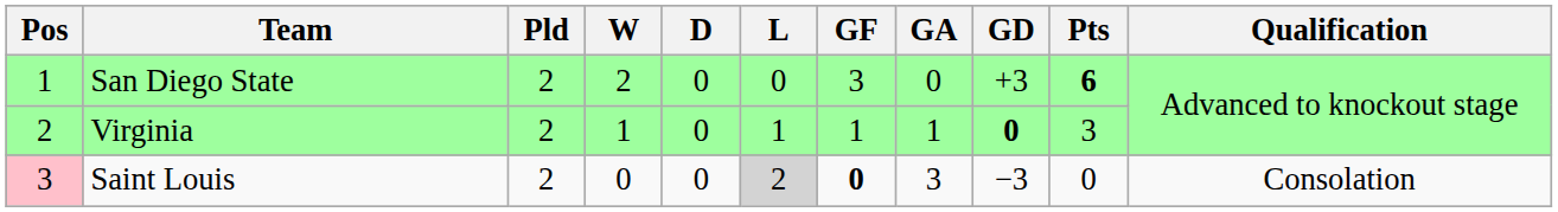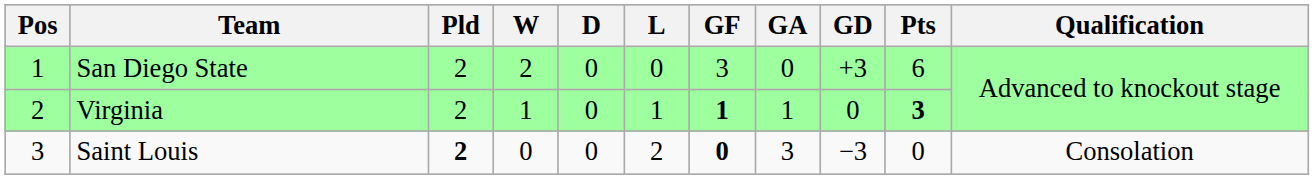 <table class="wikitable" style="text-align:center; margin: 1em auto">
 <tr>
 <th style="width:2em">Pos</th>
 <th style="width:13em">Team</th>
 <th style="width:2em">Pld</th>
 <th style="width:2em">W</th>
 <th style="width:2em">D</th>
 <th style="width:2em">L</th>
 <th style="width:2em">GF</th>
 <th style="width:2em">GA</th>
 <th style="width:2em">GD</th>
 <th style="width:2em">Pts</th>
 <th style="width:13em">Qualification</th>
 </tr>
 <tr bgcolor="#9eff9e">
 <td>1</td>
 <td style="text-align:left">San Diego State</td>
 <td>2</td>
 <td>2</td>
 <td>0</td>
 <td>0</td>
 <td>3</td>
 <td>0</td>
 <td>+3</td>
-<td><strong>6</strong></td>
+<td>6</td>
 <td rowspan="2">Advanced to knockout stage</td>
 </tr>
 <tr bgcolor="#9eff9e">
 <td>2</td>
 <td style="text-align:left">Virginia</td>
 <td>2</td>
 <td>1</td>
 <td>0</td>
 <td>1</td>
+<td><strong>1</strong></td>
 <td>1</td>
-<td>1</td>
-<td><strong>0</strong></td>
-<td>3</td>
+<td>0</td>
+<td><strong>3</strong></td>
 </tr>
 <tr>
-<td style="background: pink;">3</td>
+<td>3</td>
 <td style="text-align:left">Saint Louis</td>
-<td>2</td>
+<td><strong>2</strong></td>
 <td>0</td>
 <td>0</td>
-<td style="background: lightgrey;">2</td>
+<td>2</td>
 <td><strong>0</strong></td>
 <td>3</td>
 <td>−3</td>
 <td>0</td>
 <td>Consolation</td>
 </tr>
 </table>
